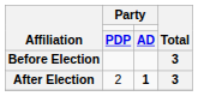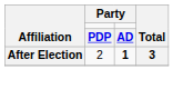 <table class=wikitable style="text-align:center">
 <tr style="vertical-align:bottom;">
 <th rowspan=3>Affiliation</th>
 <th colspan=2>Party</th>
 <th rowspan=3>Total</th>
 </tr>
 <tr>
 <td style="background-color:"></td>
 <td style="background-color:"></td>
 </tr>
 <tr>
 <th><a href='#'>PDP</a></th>
 <th><a href='#'>AD</a></th>
 </tr>
 <tr>
-<th>Before Election</th>
-<td></td>
-<td></td>
-<th>3</th>
-</tr>
-<tr>
 <th>After Election</th>
 <td>2</td>
 <td><strong>1</strong></td>
 <th>3</th>
 </tr>
 <tr>
 </tr>
 </table>
